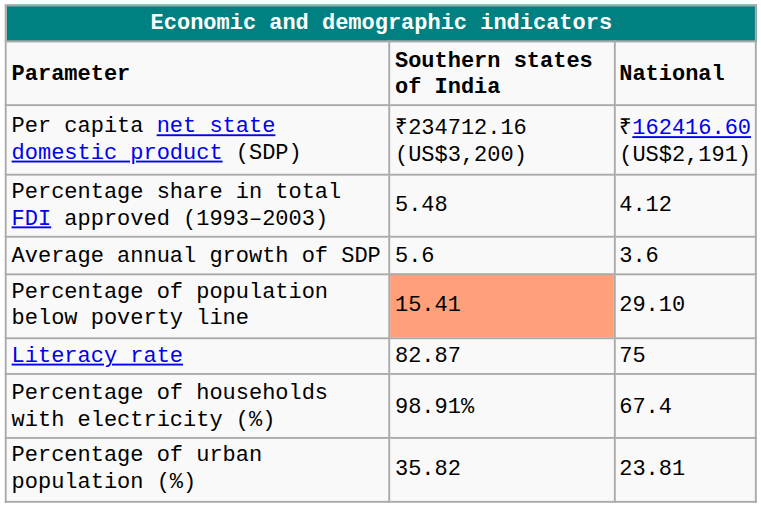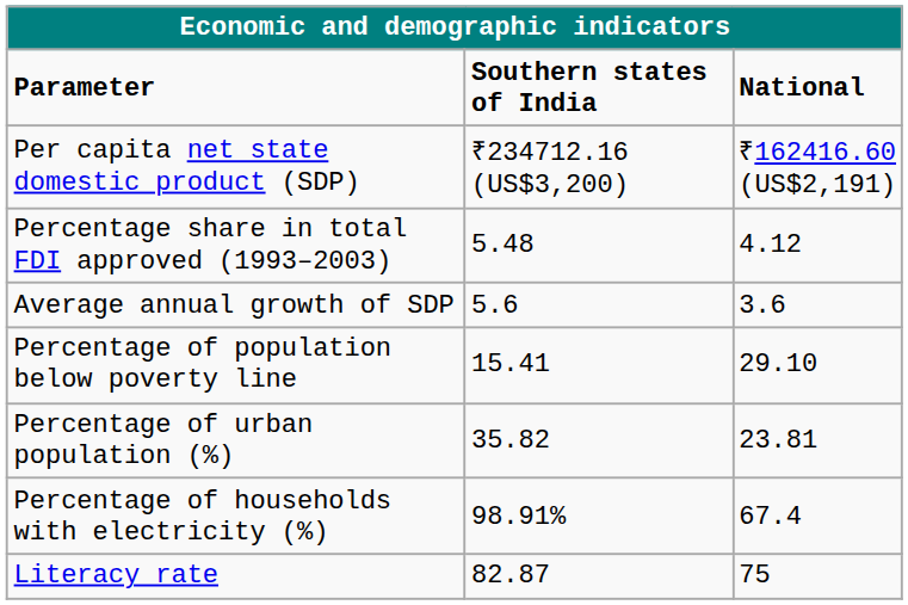 <table class="wikitable collapsible" style="font-size: 0.90em; width: 400px; float: right;">
 <tr>
 <th colspan="3" style="background:teal; color:white; align:center;"><strong>Economic and demographic indicators</strong></th>
 </tr>
 <tr>
 <td><strong>Parameter</strong></td>
 <td><strong>Southern states of India</strong></td>
 <td><strong>National</strong></td>
 </tr>
 <tr>
 <td>Per capita <a href='#'>net state domestic product</a> (SDP)</td>
 <td>₹234712.16<br>(US$3,200)</td>
 <td>₹<a href='#'>162416.60</a><br>(US$2,191)</td>
 </tr>
 <tr>
 <td>Percentage share in total <a href='#'>FDI</a> approved (1993–2003)</td>
 <td>5.48</td>
 <td>4.12</td>
 </tr>
 <tr>
 <td>Average annual growth of SDP</td>
 <td>5.6</td>
 <td>3.6</td>
 </tr>
 <tr>
 <td>Percentage of population below poverty line</td>
-<td style="background: lightsalmon;">15.41</td>
+<td>15.41</td>
 <td>29.10</td>
 </tr>
 <tr>
-<td><a href='#'>Literacy rate</a></td>
-<td>82.87</td>
-<td>75</td>
+<td>Percentage of urban population (%)</td>
+<td>35.82</td>
+<td>23.81</td>
 </tr>
 <tr>
 <td>Percentage of households with electricity (%)</td>
 <td>98.91%</td>
 <td>67.4</td>
 </tr>
 <tr>
-<td>Percentage of urban population (%)</td>
-<td>35.82</td>
-<td>23.81</td>
+<td><a href='#'>Literacy rate</a></td>
+<td>82.87</td>
+<td>75</td>
 </tr>
 </table>
